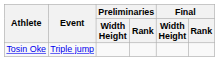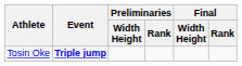 <table class=wikitable style="font-size:90%;">
 <tr>
 <th rowspan="2">Athlete</th>
 <th rowspan="2">Event</th>
 <th colspan="2">Preliminaries</th>
 <th colspan="2">Final</th>
 </tr>
 <tr>
 <th>Width<br>Height</th>
 <th>Rank</th>
 <th>Width<br>Height</th>
 <th>Rank</th>
 </tr>
 <tr style="border-top: single;">
 <td><a href='#'>Tosin Oke</a></td>
-<td><a href='#'>Triple jump</a></td>
+<td><strong><a href='#'>Triple jump</a></strong></td>
 <td align=center></td>
 <td align=center></td>
 <td align=center></td>
 <td align=center></td>
 </tr>
 </table>
